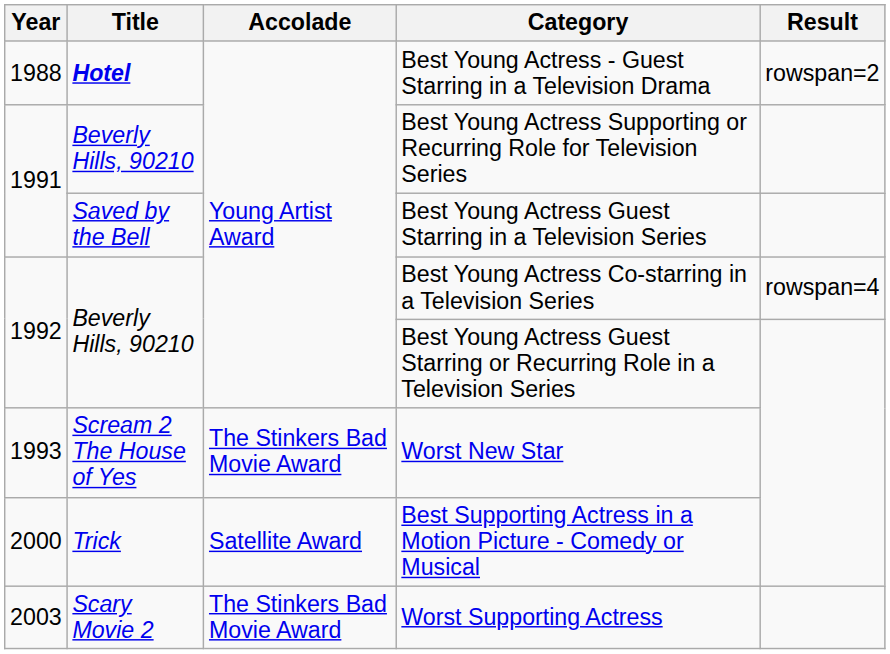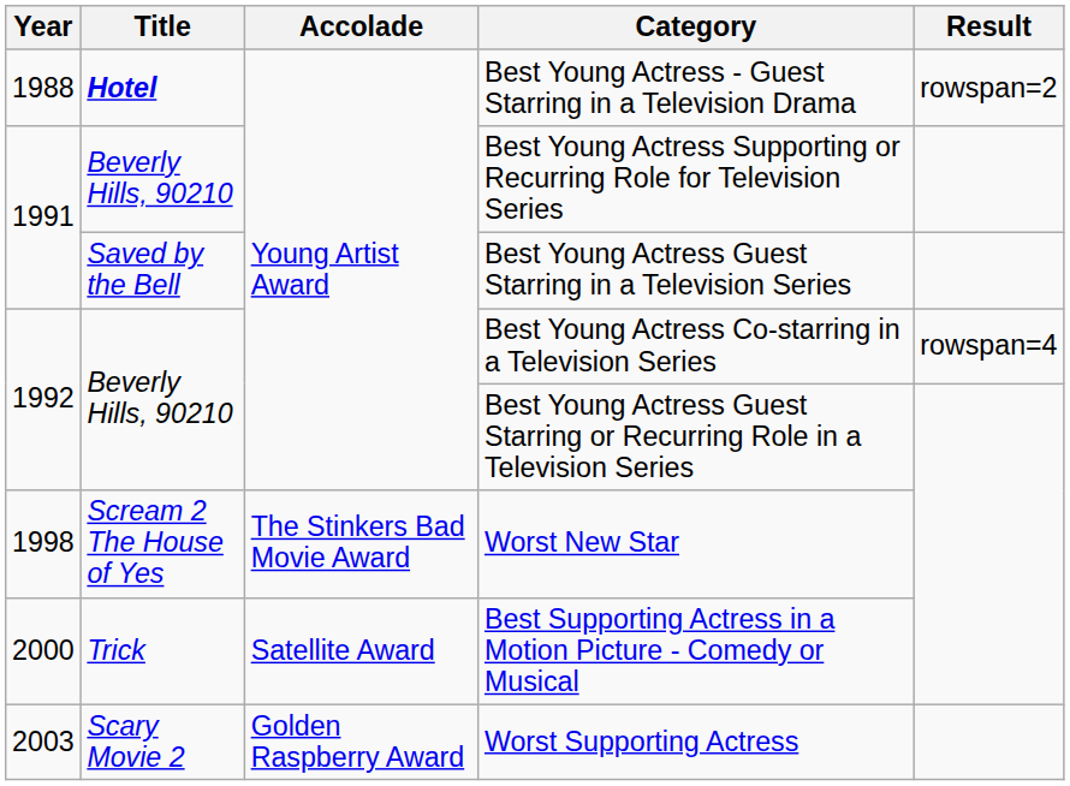 <table class="wikitable">
 <tr>
 <th>Year</th>
 <th>Title</th>
 <th>Accolade</th>
 <th>Category</th>
 <th>Result</th>
 </tr>
 <tr>
 <td>1988</td>
 <td><strong><em><a href='#'>Hotel</a></em></strong></td>
 <td rowspan=5><a href='#'>Young Artist Award</a></td>
 <td>Best Young Actress - Guest Starring in a Television Drama</td>
 <td>rowspan=2 </td>
 </tr>
 <tr>
 <td rowspan=2>1991</td>
 <td><em><a href='#'>Beverly Hills, 90210</a></em></td>
 <td>Best Young Actress Supporting or Recurring Role for Television Series</td>
 </tr>
 <tr>
 <td><em><a href='#'>Saved by the Bell</a></em></td>
 <td>Best Young Actress Guest Starring in a Television Series</td>
 <td></td>
 </tr>
 <tr>
 <td rowspan=2>1992</td>
 <td rowspan=2><em>Beverly Hills, 90210</em></td>
 <td>Best Young Actress Co-starring in a Television Series</td>
 <td>rowspan=4 </td>
 </tr>
 <tr>
 <td>Best Young Actress Guest Starring or Recurring Role in a Television Series</td>
 </tr>
 <tr>
-<td>1993</td>
+<td>1998</td>
 <td><em><a href='#'>Scream 2</a></em><br><em><a href='#'>The House of Yes</a></em></td>
 <td><a href='#'>The Stinkers Bad Movie Award</a></td>
 <td><a href='#'>Worst New Star</a></td>
 </tr>
 <tr>
 <td>2000</td>
 <td><em><a href='#'>Trick</a></em></td>
 <td><a href='#'>Satellite Award</a></td>
 <td><a href='#'>Best Supporting Actress in a Motion Picture - Comedy or Musical</a></td>
 </tr>
 <tr>
 <td>2003</td>
 <td><em><a href='#'>Scary Movie 2</a></em></td>
-<td><a href='#'>The Stinkers Bad Movie Award</a></td>
+<td><a href='#'>Golden Raspberry Award</a></td>
 <td><a href='#'>Worst Supporting Actress</a></td>
 <td></td>
 </tr>
 </table>
